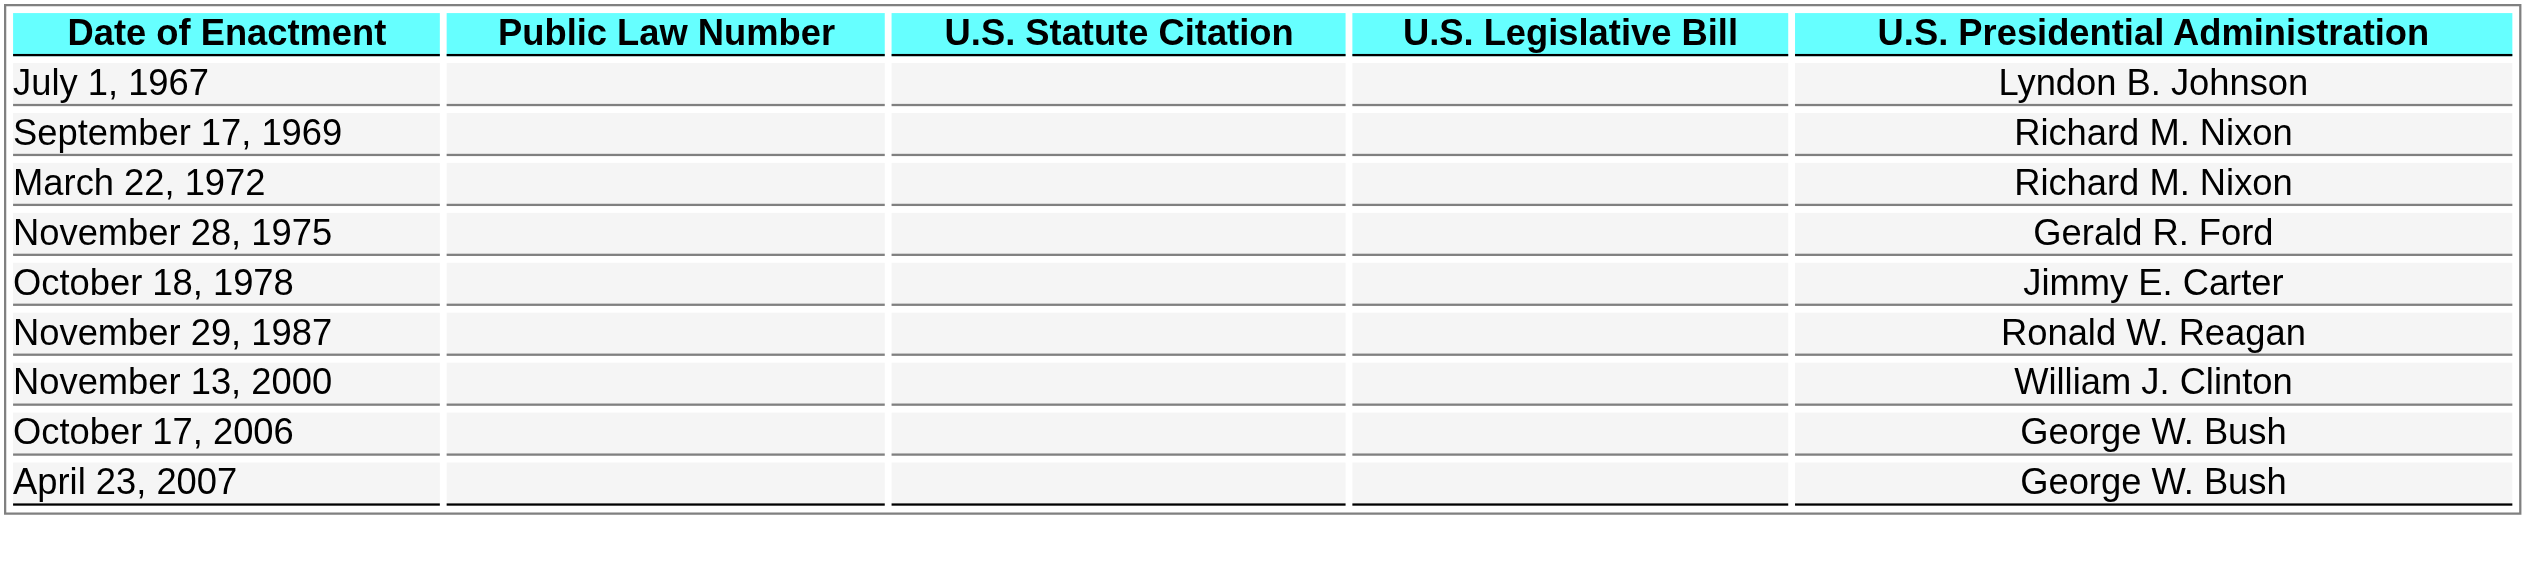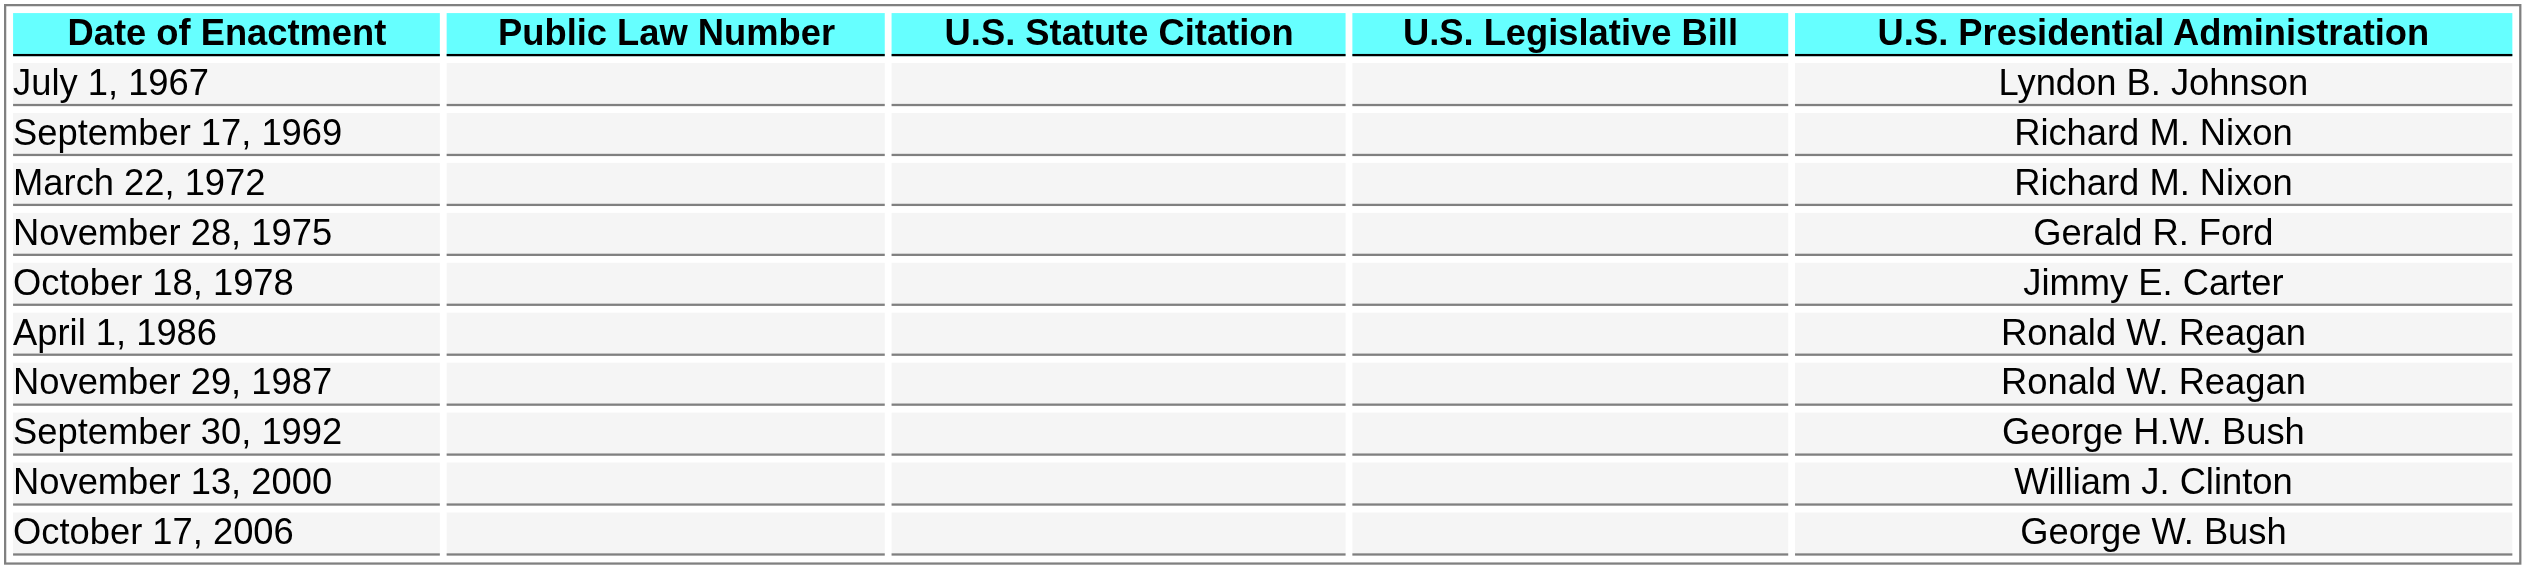 <table style="border:1px solid gray; align:left; width:70%" cellspacing=3 cellpadding=0>
 <tr style="font-weight:bold; text-align:center; background:#6FF; color:black;">
 <th style=" border-bottom:1.5px solid black">Date of Enactment</th>
 <th style=" border-bottom:1.5px solid black">Public Law Number</th>
 <th style=" border-bottom:1.5px solid black">U.S. Statute Citation</th>
 <th style=" border-bottom:1.5px solid black">U.S. Legislative Bill</th>
 <th style=" border-bottom:1.5px solid black">U.S. Presidential Administration</th>
 </tr>
 <tr>
 <td style="border-bottom:1px solid gray; background:#F5F5F5;">July 1, 1967</td>
 <td style="border-bottom:1px solid gray; background:#F5F5F5; text-align:center;"></td>
 <td style="border-bottom:1px solid gray; background:#F5F5F5; text-align:center;"></td>
 <td style="border-bottom:1px solid gray; background:#F5F5F5; text-align:center;"></td>
 <td style="border-bottom:1px solid gray; background:#F5F5F5; text-align:center;">Lyndon B. Johnson</td>
 </tr>
 <tr>
 <td style="border-bottom:1px solid gray; background:#F5F5F5;">September 17, 1969</td>
 <td style="border-bottom:1px solid gray; background:#F5F5F5; text-align:center;"></td>
 <td style="border-bottom:1px solid gray; background:#F5F5F5; text-align:center;"></td>
 <td style="border-bottom:1px solid gray; background:#F5F5F5; text-align:center;"></td>
 <td style="border-bottom:1px solid gray; background:#F5F5F5; text-align:center;">Richard M. Nixon</td>
 </tr>
 <tr>
 <td style="border-bottom:1px solid gray; background:#F5F5F5;">March 22, 1972</td>
 <td style="border-bottom:1px solid gray; background:#F5F5F5; text-align:center;"></td>
 <td style="border-bottom:1px solid gray; background:#F5F5F5; text-align:center;"></td>
 <td style="border-bottom:1px solid gray; background:#F5F5F5; text-align:center;"></td>
 <td style="border-bottom:1px solid gray; background:#F5F5F5; text-align:center;">Richard M. Nixon</td>
 </tr>
 <tr>
 <td style="border-bottom:1px solid gray; background:#F5F5F5;">November 28, 1975</td>
 <td style="border-bottom:1px solid gray; background:#F5F5F5; text-align:center;"></td>
 <td style="border-bottom:1px solid gray; background:#F5F5F5; text-align:center;"></td>
 <td style="border-bottom:1px solid gray; background:#F5F5F5; text-align:center;"></td>
 <td style="border-bottom:1px solid gray; background:#F5F5F5; text-align:center;">Gerald R. Ford</td>
 </tr>
 <tr>
 <td style="border-bottom:1px solid gray; background:#F5F5F5;">October 18, 1978</td>
 <td style="border-bottom:1px solid gray; background:#F5F5F5; text-align:center;"></td>
 <td style="border-bottom:1px solid gray; background:#F5F5F5; text-align:center;"></td>
 <td style="border-bottom:1px solid gray; background:#F5F5F5; text-align:center;"></td>
 <td style="border-bottom:1px solid gray; background:#F5F5F5; text-align:center;">Jimmy E. Carter</td>
 </tr>
 <tr>
+<td style="border-bottom:1px solid gray; background:#F5F5F5;">April 1, 1986</td>
+<td style="border-bottom:1px solid gray; background:#F5F5F5; text-align:center;"></td>
+<td style="border-bottom:1px solid gray; background:#F5F5F5; text-align:center;"></td>
+<td style="border-bottom:1px solid gray; background:#F5F5F5; text-align:center;"></td>
+<td style="border-bottom:1px solid gray; background:#F5F5F5; text-align:center;">Ronald W. Reagan</td>
+</tr>
+<tr>
 <td style="border-bottom:1px solid gray; background:#F5F5F5;">November 29, 1987</td>
 <td style="border-bottom:1px solid gray; background:#F5F5F5; text-align:center;"></td>
 <td style="border-bottom:1px solid gray; background:#F5F5F5; text-align:center;"></td>
 <td style="border-bottom:1px solid gray; background:#F5F5F5; text-align:center;"></td>
 <td style="border-bottom:1px solid gray; background:#F5F5F5; text-align:center;">Ronald W. Reagan</td>
+</tr>
+<tr>
+<td style="border-bottom:1px solid gray; background:#F5F5F5;">September 30, 1992</td>
+<td style="border-bottom:1px solid gray; background:#F5F5F5; text-align:center;"></td>
+<td style="border-bottom:1px solid gray; background:#F5F5F5; text-align:center;"></td>
+<td style="border-bottom:1px solid gray; background:#F5F5F5; text-align:center;"></td>
+<td style="border-bottom:1px solid gray; background:#F5F5F5; text-align:center;">George H.W. Bush</td>
 </tr>
 <tr>
 <td style="border-bottom:1px solid gray; background:#F5F5F5;">November 13, 2000</td>
 <td style="border-bottom:1px solid gray; background:#F5F5F5; text-align:center;"></td>
 <td style="border-bottom:1px solid gray; background:#F5F5F5; text-align:center;"></td>
 <td style="border-bottom:1px solid gray; background:#F5F5F5; text-align:center;"></td>
 <td style="border-bottom:1px solid gray; background:#F5F5F5; text-align:center;">William J. Clinton</td>
 </tr>
 <tr>
 <td style="border-bottom:1px solid gray; background:#F5F5F5;">October 17, 2006</td>
 <td style="border-bottom:1px solid gray; background:#F5F5F5; text-align:center;"></td>
 <td style="border-bottom:1px solid gray; background:#F5F5F5; text-align:center;"></td>
 <td style="border-bottom:1px solid gray; background:#F5F5F5; text-align:center;"></td>
 <td style="border-bottom:1px solid gray; background:#F5F5F5; text-align:center;">George W. Bush</td>
 </tr>
-<tr>
-<td style="border-bottom:1.5px solid black; background:#F5F5F5;">April 23, 2007</td>
-<td style="border-bottom:1.5px solid black; background:#F5F5F5; text-align:center;"></td>
-<td style="border-bottom:1.5px solid black; background:#F5F5F5; text-align:center;"></td>
-<td style="border-bottom:1.5px solid black; background:#F5F5F5; text-align:center;"></td>
-<td style="border-bottom:1.5px solid black; background:#F5F5F5; text-align:center;">George W. Bush</td>
-</tr>
 </table>
